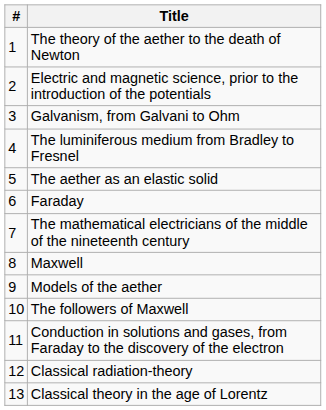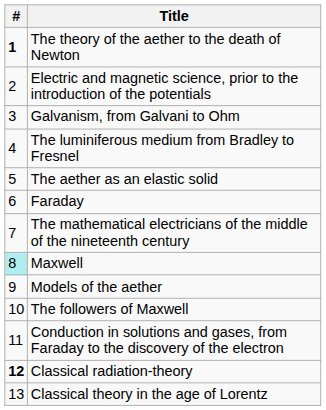 <table class="wikitable" style="float: right; width: 22em; margin-left: 1em">
 <tr>
 <th scope="col">#</th>
 <th scope="col">Title</th>
 </tr>
 <tr>
-<td>1</td>
+<td><strong>1</strong></td>
 <td>The theory of the aether to the death of Newton</td>
 </tr>
 <tr>
 <td>2</td>
 <td>Electric and magnetic science, prior to the introduction of the potentials</td>
 </tr>
 <tr>
 <td>3</td>
 <td>Galvanism, from Galvani to Ohm</td>
 </tr>
 <tr>
 <td>4</td>
 <td>The luminiferous medium from Bradley to Fresnel</td>
 </tr>
 <tr>
 <td>5</td>
 <td>The aether as an elastic solid</td>
 </tr>
 <tr>
 <td>6</td>
 <td>Faraday</td>
 </tr>
 <tr>
 <td>7</td>
 <td>The mathematical electricians of the middle of the nineteenth century</td>
 </tr>
 <tr>
-<td>8</td>
+<td style="background: paleturquoise;">8</td>
 <td>Maxwell</td>
 </tr>
 <tr>
 <td>9</td>
 <td>Models of the aether</td>
 </tr>
 <tr>
 <td>10</td>
 <td>The followers of Maxwell</td>
 </tr>
 <tr>
 <td>11</td>
 <td>Conduction in solutions and gases, from Faraday to the discovery of the electron</td>
 </tr>
 <tr>
-<td>12</td>
+<td><strong>12</strong></td>
 <td>Classical radiation-theory</td>
 </tr>
 <tr>
 <td>13</td>
 <td>Classical theory in the age of Lorentz</td>
 </tr>
 </table>
